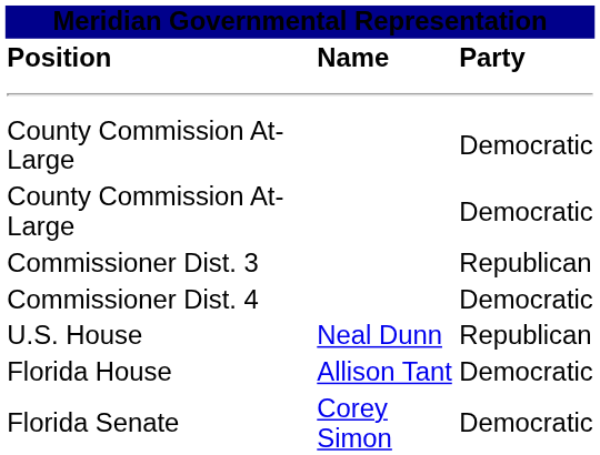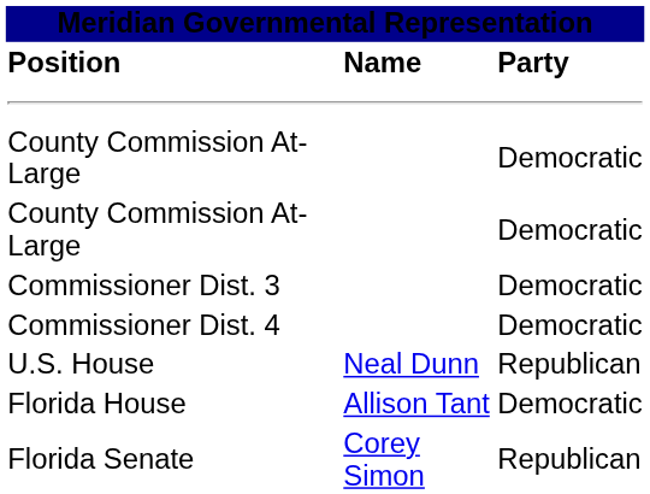 <table class="toccolours" style="fixed: right; margin-left: 1em;" width="360px">
 <tr>
 <th colspan="3" style="text-align: center; background:darkblue"><span><strong>Meridian Governmental Representation</strong></span></th>
 </tr>
 <tr>
 <td><strong>Position</strong></td>
 <td><strong>Name</strong></td>
 <td><strong>Party</strong></td>
 </tr>
 <tr>
 <td colspan="3"><hr></td>
 </tr>
 <tr>
 <td>County Commission At-Large</td>
 <td></td>
 <td><span>Democratic</span></td>
 </tr>
 <tr>
 <td>County Commission At-Large</td>
 <td></td>
 <td><span>Democratic</span></td>
 </tr>
 <tr>
 <td>Commissioner Dist. 3</td>
 <td></td>
-<td><span>Republican</span></td>
+<td><span>Democratic</span></td>
 </tr>
 <tr>
 <td>Commissioner Dist. 4</td>
 <td></td>
 <td><span>Democratic</span></td>
 </tr>
 <tr>
 <td>U.S. House</td>
 <td><a href='#'>Neal Dunn</a></td>
 <td><span>Republican</span></td>
 </tr>
 <tr>
 <td>Florida House</td>
 <td><a href='#'>Allison Tant</a></td>
 <td><span>Democratic</span></td>
 </tr>
 <tr>
 <td>Florida Senate</td>
 <td><a href='#'>Corey Simon</a></td>
-<td><span>Democratic</span></td>
+<td><span>Republican</span></td>
 </tr>
 </table>
